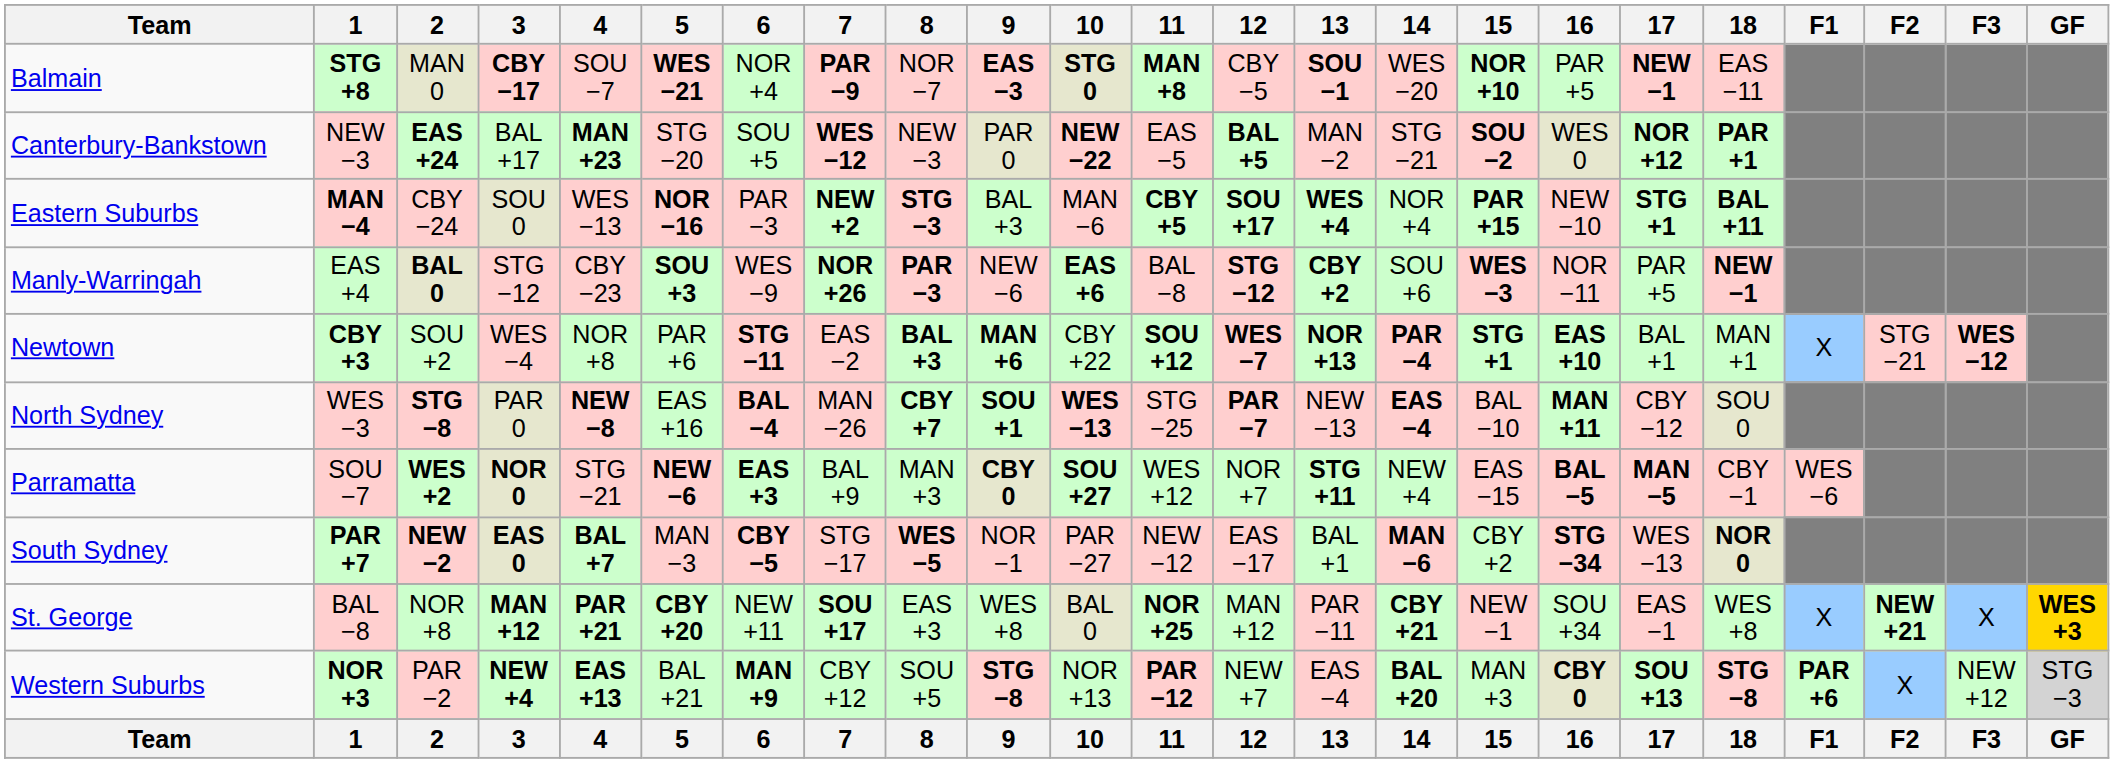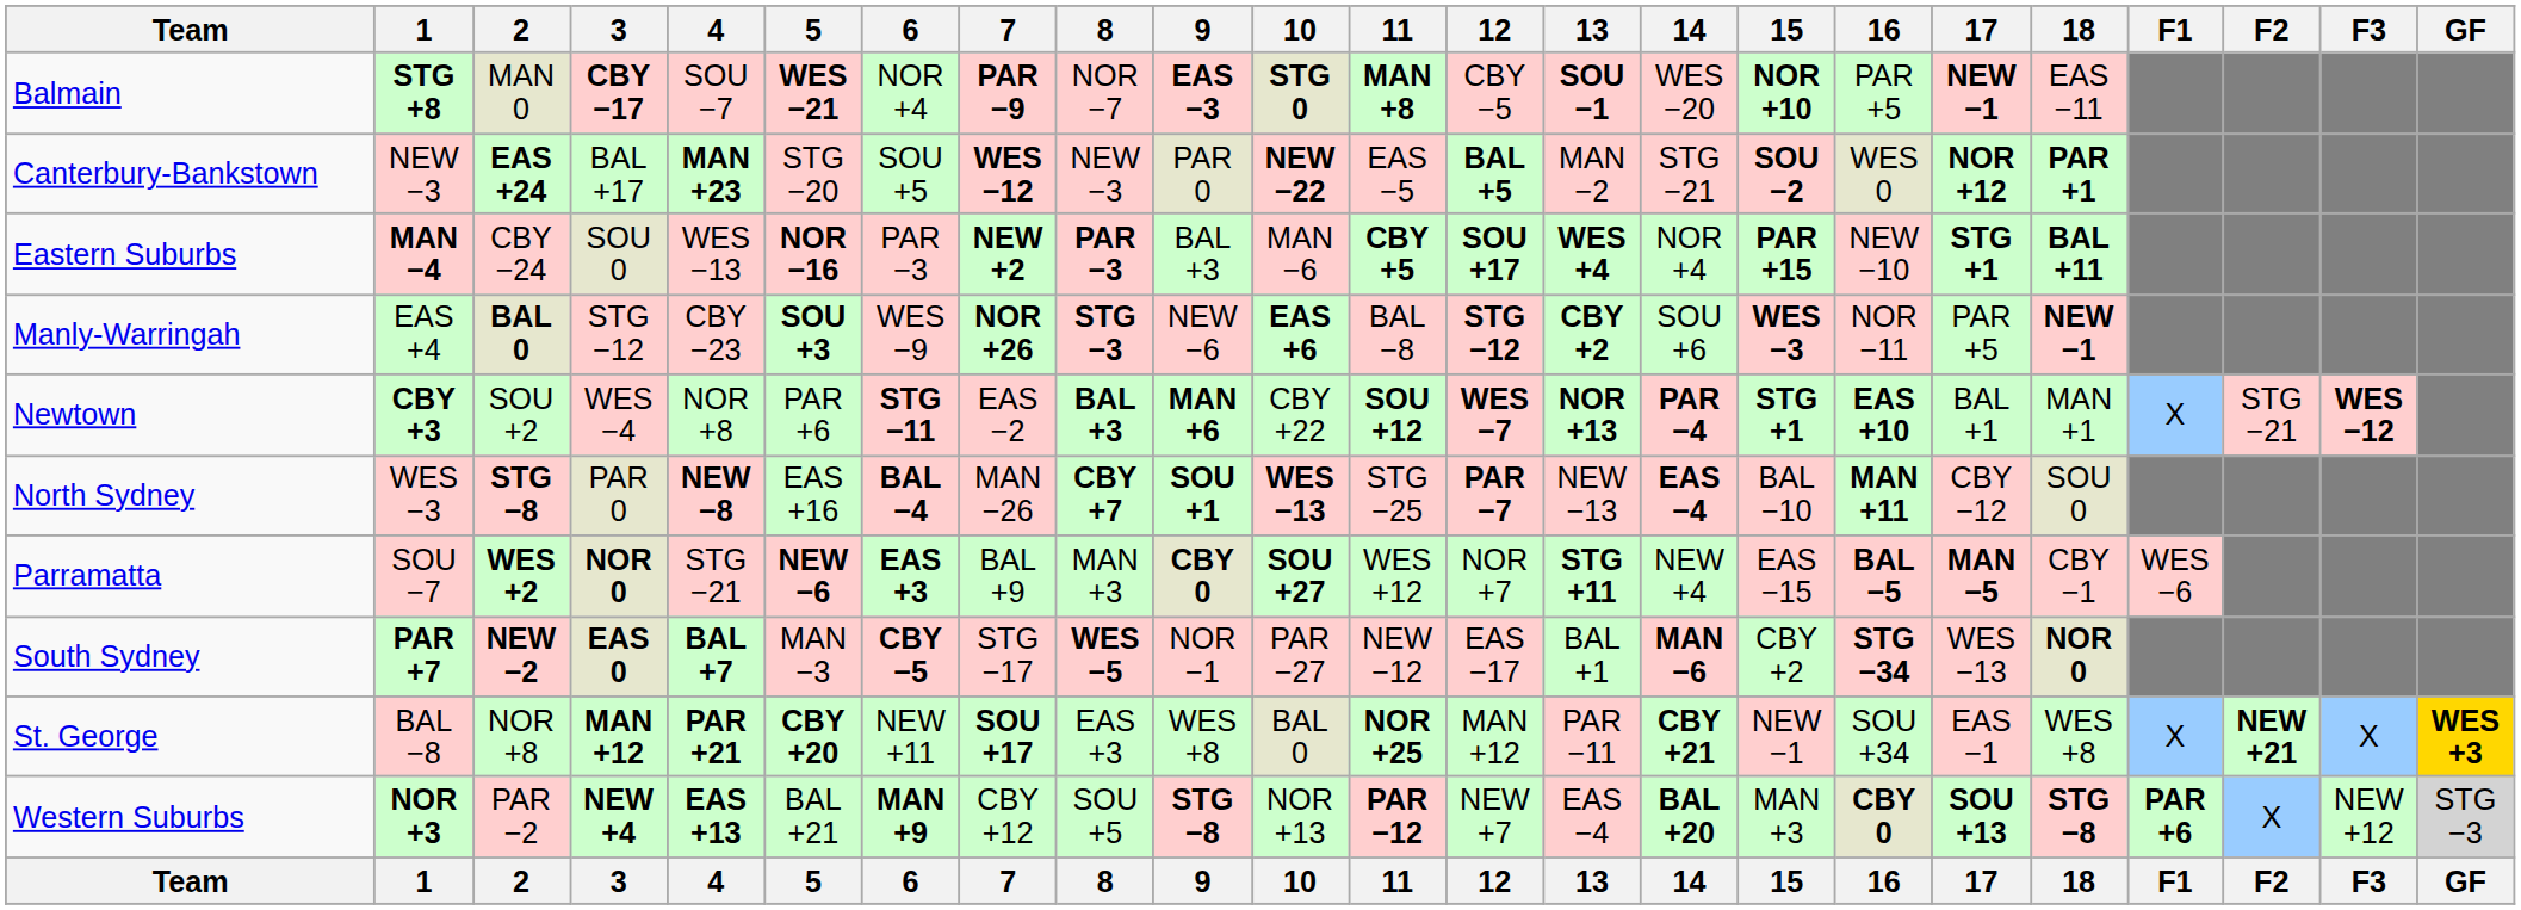 <table class="wikitable sortable" style="font-size:85%; text-align:center; width:90%">
 <tr valign="top">
 <th valign="middle">Team</th>
 <th>1</th>
 <th>2</th>
 <th>3</th>
 <th>4</th>
 <th>5</th>
 <th>6</th>
 <th>7</th>
 <th>8</th>
 <th>9</th>
 <th>10</th>
 <th>11</th>
 <th>12</th>
 <th>13</th>
 <th>14</th>
 <th>15</th>
 <th>16</th>
 <th>17</th>
 <th>18</th>
 <th>F1</th>
 <th>F2</th>
 <th>F3</th>
 <th>GF</th>
 </tr>
 <tr>
 <td align="left"><a href='#'>Balmain</a></td>
 <td style="background:#cfc;"><strong>STG<br>+8</strong></td>
 <td style="background:#E6E7CE">MAN<br>0</td>
 <td style="background:#FFCFCF;"><strong>CBY<br>−17</strong></td>
 <td style="background:#FFCFCF;">SOU<br>−7</td>
 <td style="background:#FFCFCF;"><strong>WES<br>−21</strong></td>
 <td style="background:#cfc;">NOR<br>+4</td>
 <td style="background:#FFCFCF;"><strong>PAR<br>−9</strong></td>
 <td style="background:#FFCFCF;">NOR<br>−7</td>
 <td style="background:#FFCFCF;"><strong>EAS<br>−3</strong></td>
 <td style="background:#E6E7CE"><strong>STG<br>0</strong></td>
 <td style="background:#cfc;"><strong>MAN<br>+8</strong></td>
 <td style="background:#FFCFCF;">CBY<br>−5</td>
 <td style="background:#FFCFCF;"><strong>SOU<br>−1</strong></td>
 <td style="background:#FFCFCF;">WES<br>−20</td>
 <td style="background:#cfc;"><strong>NOR<br>+10</strong></td>
 <td style="background:#cfc;">PAR<br>+5</td>
 <td style="background:#FFCFCF;"><strong>NEW<br>−1</strong></td>
 <td style="background:#FFCFCF;">EAS<br>−11</td>
 <td style="background:#808080;"></td>
 <td style="background:#808080;"></td>
 <td style="background:#808080;"></td>
 <td style="background:#808080;"></td>
 </tr>
 <tr>
 <td align="left"><a href='#'>Canterbury-Bankstown</a></td>
 <td style="background:#FFCFCF;">NEW<br>−3</td>
 <td style="background:#cfc;"><strong>EAS<br>+24</strong></td>
 <td style="background:#cfc;">BAL<br>+17</td>
 <td style="background:#cfc;"><strong>MAN<br>+23</strong></td>
 <td style="background:#FFCFCF;">STG<br>−20</td>
 <td style="background:#cfc;">SOU<br>+5</td>
 <td style="background:#FFCFCF;"><strong>WES<br>−12</strong></td>
 <td style="background:#FFCFCF;">NEW<br>−3</td>
 <td style="background:#E6E7CE">PAR<br>0</td>
 <td style="background:#FFCFCF;"><strong>NEW<br>−22</strong></td>
 <td style="background:#FFCFCF;">EAS<br>−5</td>
 <td style="background:#cfc;"><strong>BAL<br>+5</strong></td>
 <td style="background:#FFCFCF;">MAN<br>−2</td>
 <td style="background:#FFCFCF;">STG<br>−21</td>
 <td style="background:#FFCFCF;"><strong>SOU<br>−2</strong></td>
 <td style="background:#E6E7CE">WES<br>0</td>
 <td style="background:#cfc;"><strong>NOR<br>+12</strong></td>
 <td style="background:#cfc;"><strong>PAR<br>+1</strong></td>
 <td style="background:#808080;"></td>
 <td style="background:#808080;"></td>
 <td style="background:#808080;"></td>
 <td style="background:#808080;"></td>
 </tr>
 <tr>
 <td align="left"><a href='#'>Eastern Suburbs</a></td>
 <td style="background:#FFCFCF;"><strong>MAN<br>−4</strong></td>
 <td style="background:#FFCFCF;">CBY<br>−24</td>
 <td style="background:#E6E7CE">SOU<br>0</td>
 <td style="background:#FFCFCF;">WES<br>−13</td>
 <td style="background:#FFCFCF;"><strong>NOR<br>−16</strong></td>
 <td style="background:#FFCFCF;">PAR<br>−3</td>
 <td style="background:#cfc;"><strong>NEW<br>+2</strong></td>
-<td style="background:#FFCFCF;"><strong>STG<br>−3</strong></td>
+<td style="background:#FFCFCF;"><strong>PAR<br>−3</strong></td>
 <td style="background:#cfc;">BAL<br>+3</td>
 <td style="background:#FFCFCF;">MAN<br>−6</td>
 <td style="background:#cfc;"><strong>CBY<br>+5</strong></td>
 <td style="background:#cfc;"><strong>SOU<br>+17</strong></td>
 <td style="background:#cfc;"><strong>WES<br>+4</strong></td>
 <td style="background:#cfc;">NOR<br>+4</td>
 <td style="background:#cfc;"><strong>PAR<br>+15</strong></td>
 <td style="background:#FFCFCF;">NEW<br>−10</td>
 <td style="background:#cfc;"><strong>STG<br>+1</strong></td>
 <td style="background:#cfc;"><strong>BAL<br>+11</strong></td>
 <td style="background:#808080;"></td>
 <td style="background:#808080;"></td>
 <td style="background:#808080;"></td>
 <td style="background:#808080;"></td>
 </tr>
 <tr>
 <td align="left"><a href='#'>Manly-Warringah</a></td>
 <td style="background:#cfc;">EAS<br>+4</td>
 <td style="background:#E6E7CE"><strong>BAL<br>0</strong></td>
 <td style="background:#FFCFCF;">STG<br>−12</td>
 <td style="background:#FFCFCF;">CBY<br>−23</td>
 <td style="background:#cfc;"><strong>SOU<br>+3</strong></td>
 <td style="background:#FFCFCF;">WES<br>−9</td>
 <td style="background:#cfc;"><strong>NOR<br>+26</strong></td>
-<td style="background:#FFCFCF;"><strong>PAR<br>−3</strong></td>
+<td style="background:#FFCFCF;"><strong>STG<br>−3</strong></td>
 <td style="background:#FFCFCF;">NEW<br>−6</td>
 <td style="background:#cfc;"><strong>EAS<br>+6</strong></td>
 <td style="background:#FFCFCF;">BAL<br>−8</td>
 <td style="background:#FFCFCF;"><strong>STG<br>−12</strong></td>
 <td style="background:#cfc;"><strong>CBY<br>+2</strong></td>
 <td style="background:#cfc;">SOU<br>+6</td>
 <td style="background:#FFCFCF;"><strong>WES<br>−3</strong></td>
 <td style="background:#FFCFCF;">NOR<br>−11</td>
 <td style="background:#cfc;">PAR<br>+5</td>
 <td style="background:#FFCFCF;"><strong>NEW<br>−1</strong></td>
 <td style="background:#808080;"></td>
 <td style="background:#808080;"></td>
 <td style="background:#808080;"></td>
 <td style="background:#808080;"></td>
 </tr>
 <tr>
 <td align="left"><a href='#'>Newtown</a></td>
 <td style="background:#cfc;"><strong>CBY<br>+3</strong></td>
 <td style="background:#cfc;">SOU<br>+2</td>
 <td style="background:#FFCFCF;">WES<br>−4</td>
 <td style="background:#cfc;">NOR<br>+8</td>
 <td style="background:#cfc;">PAR<br>+6</td>
 <td style="background:#FFCFCF;"><strong>STG<br>−11</strong></td>
 <td style="background:#FFCFCF;">EAS<br>−2</td>
 <td style="background:#cfc;"><strong>BAL<br>+3</strong></td>
 <td style="background:#cfc;"><strong>MAN<br>+6</strong></td>
 <td style="background:#cfc;">CBY<br>+22</td>
 <td style="background:#cfc;"><strong>SOU<br>+12</strong></td>
 <td style="background:#FFCFCF;"><strong>WES<br>−7</strong></td>
 <td style="background:#cfc;"><strong>NOR<br>+13</strong></td>
 <td style="background:#FFCFCF;"><strong>PAR<br>−4</strong></td>
 <td style="background:#cfc;"><strong>STG<br>+1</strong></td>
 <td style="background:#cfc;"><strong>EAS<br>+10</strong></td>
 <td style="background:#cfc;">BAL<br>+1</td>
 <td style="background:#cfc;">MAN<br>+1</td>
 <td style="background:#99ccff;">X</td>
 <td style="background:#FFCFCF;">STG<br>−21</td>
 <td style="background:#FFCFCF;"><strong>WES<br>−12</strong></td>
 <td style="background:#808080;"></td>
 </tr>
 <tr>
 <td align="left"><a href='#'>North Sydney</a></td>
 <td style="background:#FFCFCF;">WES<br>−3</td>
 <td style="background:#FFCFCF;"><strong>STG<br>−8</strong></td>
 <td style="background:#E6E7CE">PAR<br>0</td>
 <td style="background:#FFCFCF;"><strong>NEW<br>−8</strong></td>
 <td style="background:#cfc;">EAS<br>+16</td>
 <td style="background:#FFCFCF;"><strong>BAL<br>−4</strong></td>
 <td style="background:#FFCFCF;">MAN<br>−26</td>
 <td style="background:#cfc;"><strong>CBY<br>+7</strong></td>
 <td style="background:#cfc;"><strong>SOU<br>+1</strong></td>
 <td style="background:#FFCFCF;"><strong>WES<br>−13</strong></td>
 <td style="background:#FFCFCF;">STG<br>−25</td>
 <td style="background:#FFCFCF;"><strong>PAR<br>−7</strong></td>
 <td style="background:#FFCFCF;">NEW<br>−13</td>
 <td style="background:#FFCFCF;"><strong>EAS<br>−4</strong></td>
 <td style="background:#FFCFCF;">BAL<br>−10</td>
 <td style="background:#cfc;"><strong>MAN<br>+11</strong></td>
 <td style="background:#FFCFCF;">CBY<br>−12</td>
 <td style="background:#E6E7CE">SOU<br>0</td>
 <td style="background:#808080;"></td>
 <td style="background:#808080;"></td>
 <td style="background:#808080;"></td>
 <td style="background:#808080;"></td>
 </tr>
 <tr>
 <td align="left"><a href='#'>Parramatta</a></td>
 <td style="background:#FFCFCF;">SOU<br>−7</td>
 <td style="background:#cfc;"><strong>WES<br>+2</strong></td>
 <td style="background:#E6E7CE"><strong>NOR<br>0</strong></td>
 <td style="background:#FFCFCF;">STG<br>−21</td>
 <td style="background:#FFCFCF;"><strong>NEW<br>−6</strong></td>
 <td style="background:#cfc;"><strong>EAS<br>+3</strong></td>
 <td style="background:#cfc;">BAL<br>+9</td>
 <td style="background:#cfc;">MAN<br>+3</td>
 <td style="background:#E6E7CE"><strong>CBY<br>0</strong></td>
 <td style="background:#cfc;"><strong>SOU<br>+27</strong></td>
 <td style="background:#cfc;">WES<br>+12</td>
 <td style="background:#cfc;">NOR<br>+7</td>
 <td style="background:#cfc;"><strong>STG<br>+11</strong></td>
 <td style="background:#cfc;">NEW<br>+4</td>
 <td style="background:#FFCFCF;">EAS<br>−15</td>
 <td style="background:#FFCFCF;"><strong>BAL<br>−5</strong></td>
 <td style="background:#FFCFCF;"><strong>MAN<br>−5</strong></td>
 <td style="background:#FFCFCF;">CBY<br>−1</td>
 <td style="background:#FFCFCF;">WES<br>−6</td>
 <td style="background:#808080;"></td>
 <td style="background:#808080;"></td>
 <td style="background:#808080;"></td>
 </tr>
 <tr>
 <td align="left"><a href='#'>South Sydney</a></td>
 <td style="background:#cfc;"><strong>PAR<br>+7</strong></td>
 <td style="background:#FFCFCF;"><strong>NEW<br>−2</strong></td>
 <td style="background:#E6E7CE"><strong>EAS<br>0</strong></td>
 <td style="background:#cfc;"><strong>BAL<br>+7</strong></td>
 <td style="background:#FFCFCF;">MAN<br>−3</td>
 <td style="background:#FFCFCF;"><strong>CBY<br>−5</strong></td>
 <td style="background:#FFCFCF;">STG<br>−17</td>
 <td style="background:#FFCFCF;"><strong>WES<br>−5</strong></td>
 <td style="background:#FFCFCF;">NOR<br>−1</td>
 <td style="background:#FFCFCF;">PAR<br>−27</td>
 <td style="background:#FFCFCF;">NEW<br>−12</td>
 <td style="background:#FFCFCF;">EAS<br>−17</td>
 <td style="background:#cfc;">BAL<br>+1</td>
 <td style="background:#FFCFCF;"><strong>MAN<br>−6</strong></td>
 <td style="background:#cfc;">CBY<br>+2</td>
 <td style="background:#FFCFCF;"><strong>STG<br>−34</strong></td>
 <td style="background:#FFCFCF;">WES<br>−13</td>
 <td style="background:#E6E7CE"><strong>NOR<br>0</strong></td>
 <td style="background:#808080;"></td>
 <td style="background:#808080;"></td>
 <td style="background:#808080;"></td>
 <td style="background:#808080;"></td>
 </tr>
 <tr>
 <td align="left"><a href='#'>St. George</a></td>
 <td style="background:#FFCFCF;">BAL<br>−8</td>
 <td style="background:#cfc;">NOR<br>+8</td>
 <td style="background:#cfc;"><strong>MAN<br>+12</strong></td>
 <td style="background:#cfc;"><strong>PAR<br>+21</strong></td>
 <td style="background:#cfc;"><strong>CBY<br>+20</strong></td>
 <td style="background:#cfc;">NEW<br>+11</td>
 <td style="background:#cfc;"><strong>SOU<br>+17</strong></td>
 <td style="background:#cfc;">EAS<br>+3</td>
 <td style="background:#cfc;">WES<br>+8</td>
 <td style="background:#E6E7CE">BAL<br>0</td>
 <td style="background:#cfc;"><strong>NOR<br>+25</strong></td>
 <td style="background:#cfc;">MAN<br>+12</td>
 <td style="background:#FFCFCF;">PAR<br>−11</td>
 <td style="background:#cfc;"><strong>CBY<br>+21</strong></td>
 <td style="background:#FFCFCF;">NEW<br>−1</td>
 <td style="background:#cfc;">SOU<br>+34</td>
 <td style="background:#FFCFCF;">EAS<br>−1</td>
 <td style="background:#cfc;">WES<br>+8</td>
 <td style="background:#99ccff;">X</td>
 <td style="background:#cfc;"><strong>NEW<br>+21</strong></td>
 <td style="background:#99ccff;">X</td>
 <td style="background:#FFD700;"><strong>WES<br>+3</strong></td>
 </tr>
 <tr>
 <td align="left"><a href='#'>Western Suburbs</a></td>
 <td style="background:#cfc;"><strong>NOR<br>+3</strong></td>
 <td style="background:#FFCFCF;">PAR<br>−2</td>
 <td style="background:#cfc;"><strong>NEW<br>+4</strong></td>
 <td style="background:#cfc;"><strong>EAS<br>+13</strong></td>
 <td style="background:#cfc;">BAL<br>+21</td>
 <td style="background:#cfc;"><strong>MAN<br>+9</strong></td>
 <td style="background:#cfc;">CBY<br>+12</td>
 <td style="background:#cfc;">SOU<br>+5</td>
 <td style="background:#FFCFCF;"><strong>STG<br>−8</strong></td>
 <td style="background:#cfc;">NOR<br>+13</td>
 <td style="background:#FFCFCF;"><strong>PAR<br>−12</strong></td>
 <td style="background:#cfc;">NEW<br>+7</td>
 <td style="background:#FFCFCF;">EAS<br>−4</td>
 <td style="background:#cfc;"><strong>BAL<br>+20</strong></td>
 <td style="background:#cfc;">MAN<br>+3</td>
 <td style="background:#E6E7CE"><strong>CBY<br>0</strong></td>
 <td style="background:#cfc;"><strong>SOU<br>+13</strong></td>
 <td style="background:#FFCFCF;"><strong>STG<br>−8</strong></td>
 <td style="background:#cfc;"><strong>PAR<br>+6</strong></td>
 <td style="background:#99ccff;">X</td>
 <td style="background:#cfc;">NEW<br>+12</td>
 <td style="background:#D3D3D3;">STG<br>−3</td>
 </tr>
 <tr valign="top">
 <th valign="middle">Team</th>
 <th>1</th>
 <th>2</th>
 <th>3</th>
 <th>4</th>
 <th>5</th>
 <th>6</th>
 <th>7</th>
 <th>8</th>
 <th>9</th>
 <th>10</th>
 <th>11</th>
 <th>12</th>
 <th>13</th>
 <th>14</th>
 <th>15</th>
 <th>16</th>
 <th>17</th>
 <th>18</th>
 <th>F1</th>
 <th>F2</th>
 <th>F3</th>
 <th>GF</th>
 </tr>
 </table>
